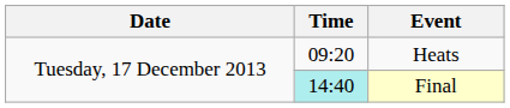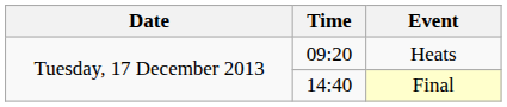 <table class = "wikitable" style="text-align:center;">
 <tr>
 <th width=220>Date</th>
 <th width=50>Time</th>
 <th width=100>Event</th>
 </tr>
 <tr>
 <td rowspan=2>Tuesday, 17 December 2013</td>
 <td>09:20</td>
 <td>Heats</td>
 </tr>
 <tr>
-<td style="background: paleturquoise;">14:40</td>
+<td>14:40</td>
 <td bgcolor=ffffcc>Final</td>
 </tr>
 </table>
